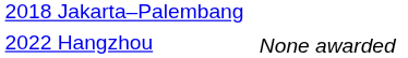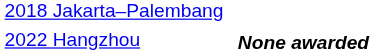 <table>
 <tr>
 <td rowspan=2><a href='#'>2018 Jakarta–Palembang</a></td>
 <td rowspan=2></td>
 <td rowspan=2></td>
 <td></td>
 </tr>
 <tr>
 <td></td>
 </tr>
 <tr>
 <td rowspan=2><a href='#'>2022 Hangzhou</a></td>
 <td rowspan=2></td>
 <td rowspan=2></td>
 <td></td>
 </tr>
 <tr>
-<td><em>None awarded</em></td>
+<td><strong><em>None awarded</em></strong></td>
 </tr>
 </table>
